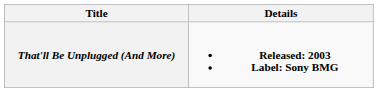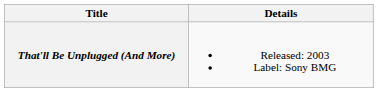 <table class="wikitable plainrowheaders" style="text-align:center;" border="1">
 <tr>
 <th scope="col" style="width:16em;">Title</th>
 <th scope="col" style="width:16em;">Details</th>
 </tr>
 <tr>
 <th scope="row"><em>That'll Be Unplugged (And More)</em></th>
-<td><strong><br><ul><li>Released: 2003</li><li>Label: Sony BMG</li></ul></strong></td>
+<td><br><ul><li>Released: 2003</li><li>Label: Sony BMG</li></ul></td>
 </tr>
 </table>
